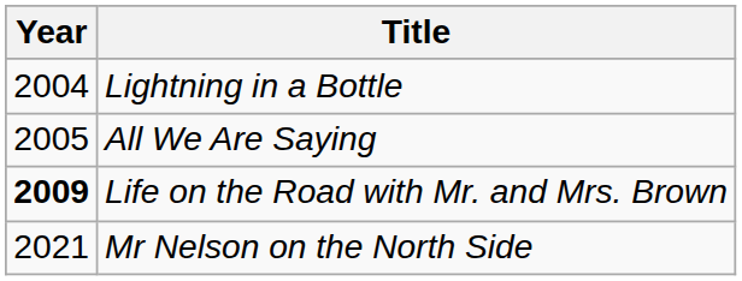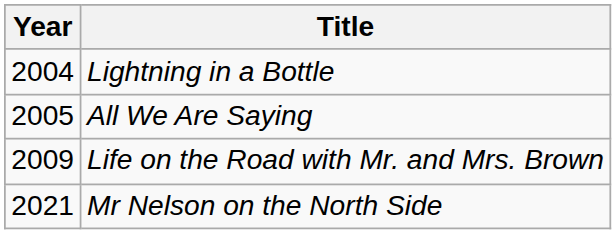 <table class="wikitable sortable">
 <tr>
 <th>Year</th>
 <th>Title</th>
 </tr>
 <tr>
 <td>2004</td>
 <td><em>Lightning in a Bottle</em></td>
 </tr>
 <tr>
 <td>2005</td>
 <td><em>All We Are Saying</em></td>
 </tr>
 <tr>
-<td><strong>2009</strong></td>
+<td>2009</td>
 <td><em>Life on the Road with Mr. and Mrs. Brown</em></td>
 </tr>
 <tr>
 <td>2021</td>
 <td><em>Mr Nelson on the North Side</em></td>
 </tr>
 </table>
